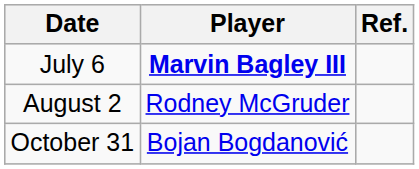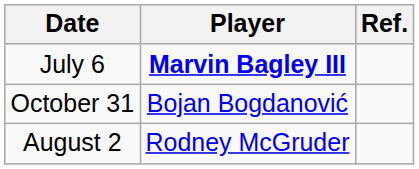 <table class="wikitable sortable sortable" style="text-align: center">
 <tr>
 <th>Date</th>
 <th>Player</th>
 <th>Ref.</th>
 </tr>
 <tr>
 <td>July 6</td>
 <td><strong><a href='#'>Marvin Bagley III</a></strong></td>
 <td></td>
 </tr>
 <tr>
+<td>October 31</td>
+<td><a href='#'>Bojan Bogdanović</a></td>
+<td></td>
+</tr>
+<tr>
 <td>August 2</td>
 <td><a href='#'>Rodney McGruder</a></td>
 <td></td>
 </tr>
-<tr>
-<td>October 31</td>
-<td><a href='#'>Bojan Bogdanović</a></td>
-<td></td>
-</tr>
 </table>
